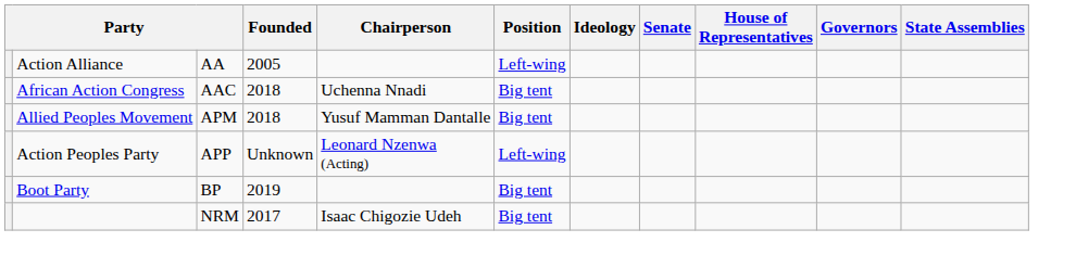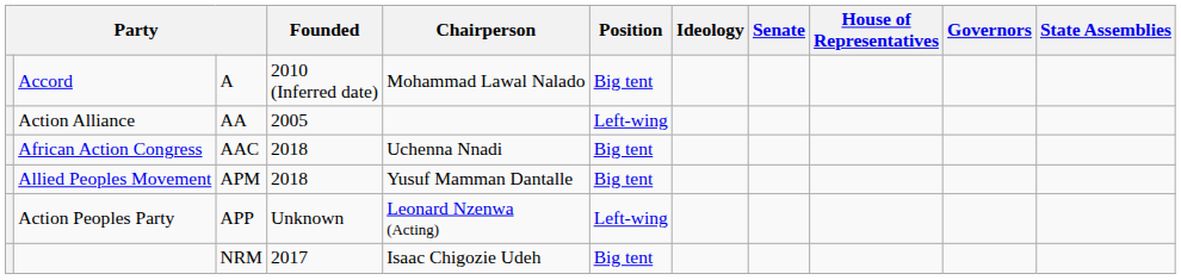 <table class="wikitable">
 <tr>
 <th colspan="3" scope="col" class="unsortable" style="width:20px; text-align:center;">Party</th>
 <th>Founded</th>
 <th>Chairperson</th>
 <th>Position</th>
 <th>Ideology</th>
 <th><a href='#'>Senate</a></th>
 <th><a href='#'>House of<br>Representatives</a></th>
 <th><a href='#'>Governors</a></th>
 <th><a href='#'>State Assemblies</a></th>
+</tr>
+<tr>
+<th style="background-color: "></th>
+<td><a href='#'>Accord</a></td>
+<td>A</td>
+<td>2010<br>(Inferred  date)</td>
+<td>Mohammad Lawal Nalado</td>
+<td><a href='#'>Big tent</a></td>
+<td></td>
+<td></td>
+<td></td>
+<td></td>
+<td></td>
 </tr>
 <tr>
 <th style="background-color: "></th>
 <td>Action Alliance</td>
 <td>AA</td>
 <td>2005</td>
 <td></td>
 <td><a href='#'>Left-wing</a></td>
 <td></td>
 <td></td>
 <td></td>
 <td></td>
 <td></td>
 </tr>
 <tr>
 <th style="background-color: "></th>
 <td><a href='#'>African Action Congress</a></td>
 <td>AAC</td>
 <td>2018</td>
 <td>Uchenna Nnadi</td>
 <td><a href='#'>Big tent</a></td>
 <td></td>
 <td></td>
 <td></td>
 <td></td>
 <td></td>
 </tr>
 <tr>
 <th style="background-color: "></th>
 <td><a href='#'>Allied Peoples Movement</a></td>
 <td>APM</td>
 <td>2018</td>
 <td>Yusuf Mamman Dantalle</td>
 <td><a href='#'>Big tent</a></td>
 <td></td>
 <td></td>
 <td></td>
 <td></td>
 <td></td>
 </tr>
 <tr>
 <th style="background-color: "></th>
 <td>Action Peoples Party</td>
 <td>APP</td>
 <td>Unknown</td>
 <td><a href='#'>Leonard Nzenwa</a><br><small>(Acting)</small></td>
 <td><a href='#'>Left-wing</a></td>
 <td></td>
 <td></td>
 <td></td>
 <td></td>
 <td></td>
 </tr>
 <tr>
 <th style="background-color: "></th>
-<td><a href='#'>Boot Party</a></td>
-<td>BP</td>
-<td>2019</td>
-<td></td>
-<td><a href='#'>Big tent</a></td>
-<td></td>
-<td></td>
-<td></td>
-<td></td>
-<td></td>
-</tr>
-<tr>
-<th style="background-color: "></th>
 <td></td>
 <td>NRM</td>
 <td>2017</td>
 <td>Isaac Chigozie Udeh</td>
 <td><a href='#'>Big tent</a></td>
 <td></td>
 <td></td>
 <td></td>
 <td></td>
 <td></td>
 </tr>
 </table>
